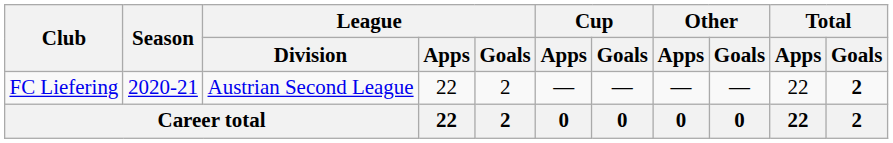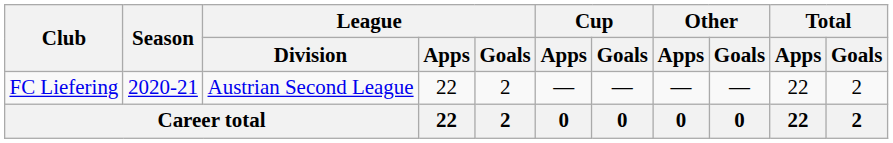 <table class=wikitable style=text-align:center>
 <tr>
 <th rowspan=2>Club</th>
 <th rowspan=2>Season</th>
 <th colspan=3>League</th>
 <th colspan=2>Cup</th>
 <th colspan=2>Other</th>
 <th colspan=2>Total</th>
 </tr>
 <tr>
 <th>Division</th>
 <th>Apps</th>
 <th>Goals</th>
 <th>Apps</th>
 <th>Goals</th>
 <th>Apps</th>
 <th>Goals</th>
 <th>Apps</th>
 <th>Goals</th>
 </tr>
 <tr>
 <td rowspan=1><a href='#'>FC Liefering</a></td>
 <td><a href='#'>2020-21</a></td>
 <td><a href='#'>Austrian Second League</a></td>
 <td>22</td>
 <td>2</td>
 <td>—</td>
 <td>—</td>
 <td>—</td>
 <td>—</td>
 <td>22</td>
-<td><strong>2</strong></td>
+<td>2</td>
 </tr>
 <tr>
 <th colspan=3>Career total</th>
 <th>22</th>
 <th>2</th>
 <th>0</th>
 <th>0</th>
 <th>0</th>
 <th>0</th>
 <th>22</th>
 <th>2</th>
 </tr>
 </table>
